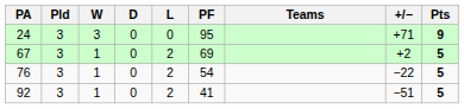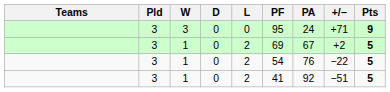 <table class="wikitable" style="text-align: center;">
 <tr>
-<th width="40">PA</th>
+<th width="200">Teams</th>
 <th width="40">Pld</th>
 <th width="40">W</th>
 <th width="40">D</th>
 <th width="40">L</th>
 <th width="40">PF</th>
-<th width="200">Teams</th>
+<th width="40">PA</th>
 <th width="40">+/−</th>
 <th width="40">Pts</th>
 </tr>
 <tr bgcolor=ccffcc>
-<td>24</td>
+<td align=left></td>
 <td>3</td>
 <td>3</td>
 <td>0</td>
 <td>0</td>
 <td>95</td>
-<td align=left></td>
+<td>24</td>
 <td>+71</td>
 <td><strong>9</strong></td>
 </tr>
 <tr bgcolor=ccffcc>
-<td>67</td>
+<td align=left></td>
 <td>3</td>
 <td>1</td>
 <td>0</td>
 <td>2</td>
 <td>69</td>
-<td align=left></td>
+<td>67</td>
 <td>+2</td>
 <td><strong>5</strong></td>
 </tr>
 <tr>
-<td>76</td>
+<td align=left></td>
 <td>3</td>
 <td>1</td>
 <td>0</td>
 <td>2</td>
 <td>54</td>
-<td align=left></td>
+<td>76</td>
 <td>−22</td>
 <td><strong>5</strong></td>
 </tr>
 <tr>
-<td>92</td>
+<td align=left></td>
 <td>3</td>
 <td>1</td>
 <td>0</td>
 <td>2</td>
 <td>41</td>
-<td align=left></td>
+<td>92</td>
 <td>−51</td>
 <td><strong>5</strong></td>
 </tr>
 </table>
